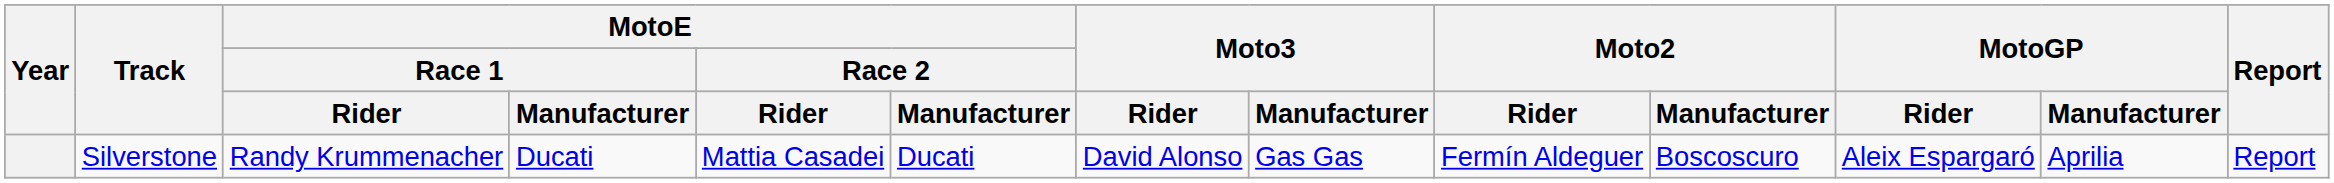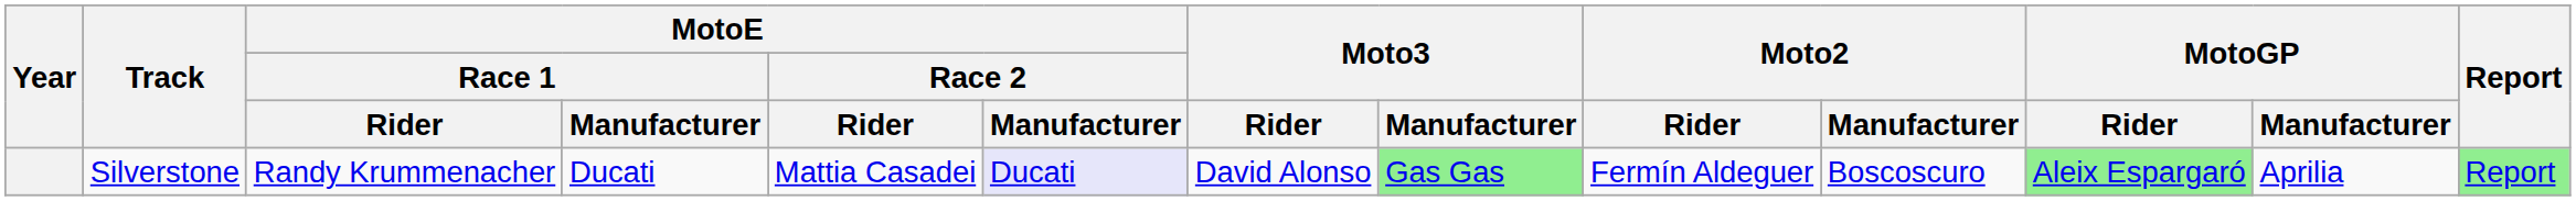 <table class="wikitable" style="font-size: 95%;">
 <tr>
 <th rowspan=3>Year</th>
 <th rowspan=3>Track</th>
 <th colspan=4>MotoE</th>
 <th colspan=2 rowspan=2>Moto3</th>
 <th colspan=2 rowspan=2>Moto2</th>
 <th colspan=2 rowspan=2>MotoGP</th>
 <th rowspan=3>Report</th>
 </tr>
 <tr>
 <th colspan=2>Race 1</th>
 <th colspan=2>Race 2</th>
 </tr>
 <tr>
 <th>Rider</th>
 <th>Manufacturer</th>
 <th>Rider</th>
 <th>Manufacturer</th>
 <th>Rider</th>
 <th>Manufacturer</th>
 <th>Rider</th>
 <th>Manufacturer</th>
 <th>Rider</th>
 <th>Manufacturer</th>
 </tr>
 <tr>
 <th></th>
 <td><a href='#'>Silverstone</a></td>
 <td> <a href='#'>Randy Krummenacher</a></td>
 <td><a href='#'>Ducati</a></td>
 <td> <a href='#'>Mattia Casadei</a></td>
-<td><a href='#'>Ducati</a></td>
+<td style="background: lavender;"><a href='#'>Ducati</a></td>
 <td> <a href='#'>David Alonso</a></td>
-<td><a href='#'>Gas Gas</a></td>
+<td style="background: lightgreen;"><a href='#'>Gas Gas</a></td>
 <td> <a href='#'>Fermín Aldeguer</a></td>
 <td><a href='#'>Boscoscuro</a></td>
-<td> <a href='#'>Aleix Espargaró</a></td>
+<td style="background: lightgreen;"> <a href='#'>Aleix Espargaró</a></td>
 <td><a href='#'>Aprilia</a></td>
-<td><a href='#'>Report</a></td>
+<td style="background: lightgreen;"><a href='#'>Report</a></td>
 </tr>
 </table>
